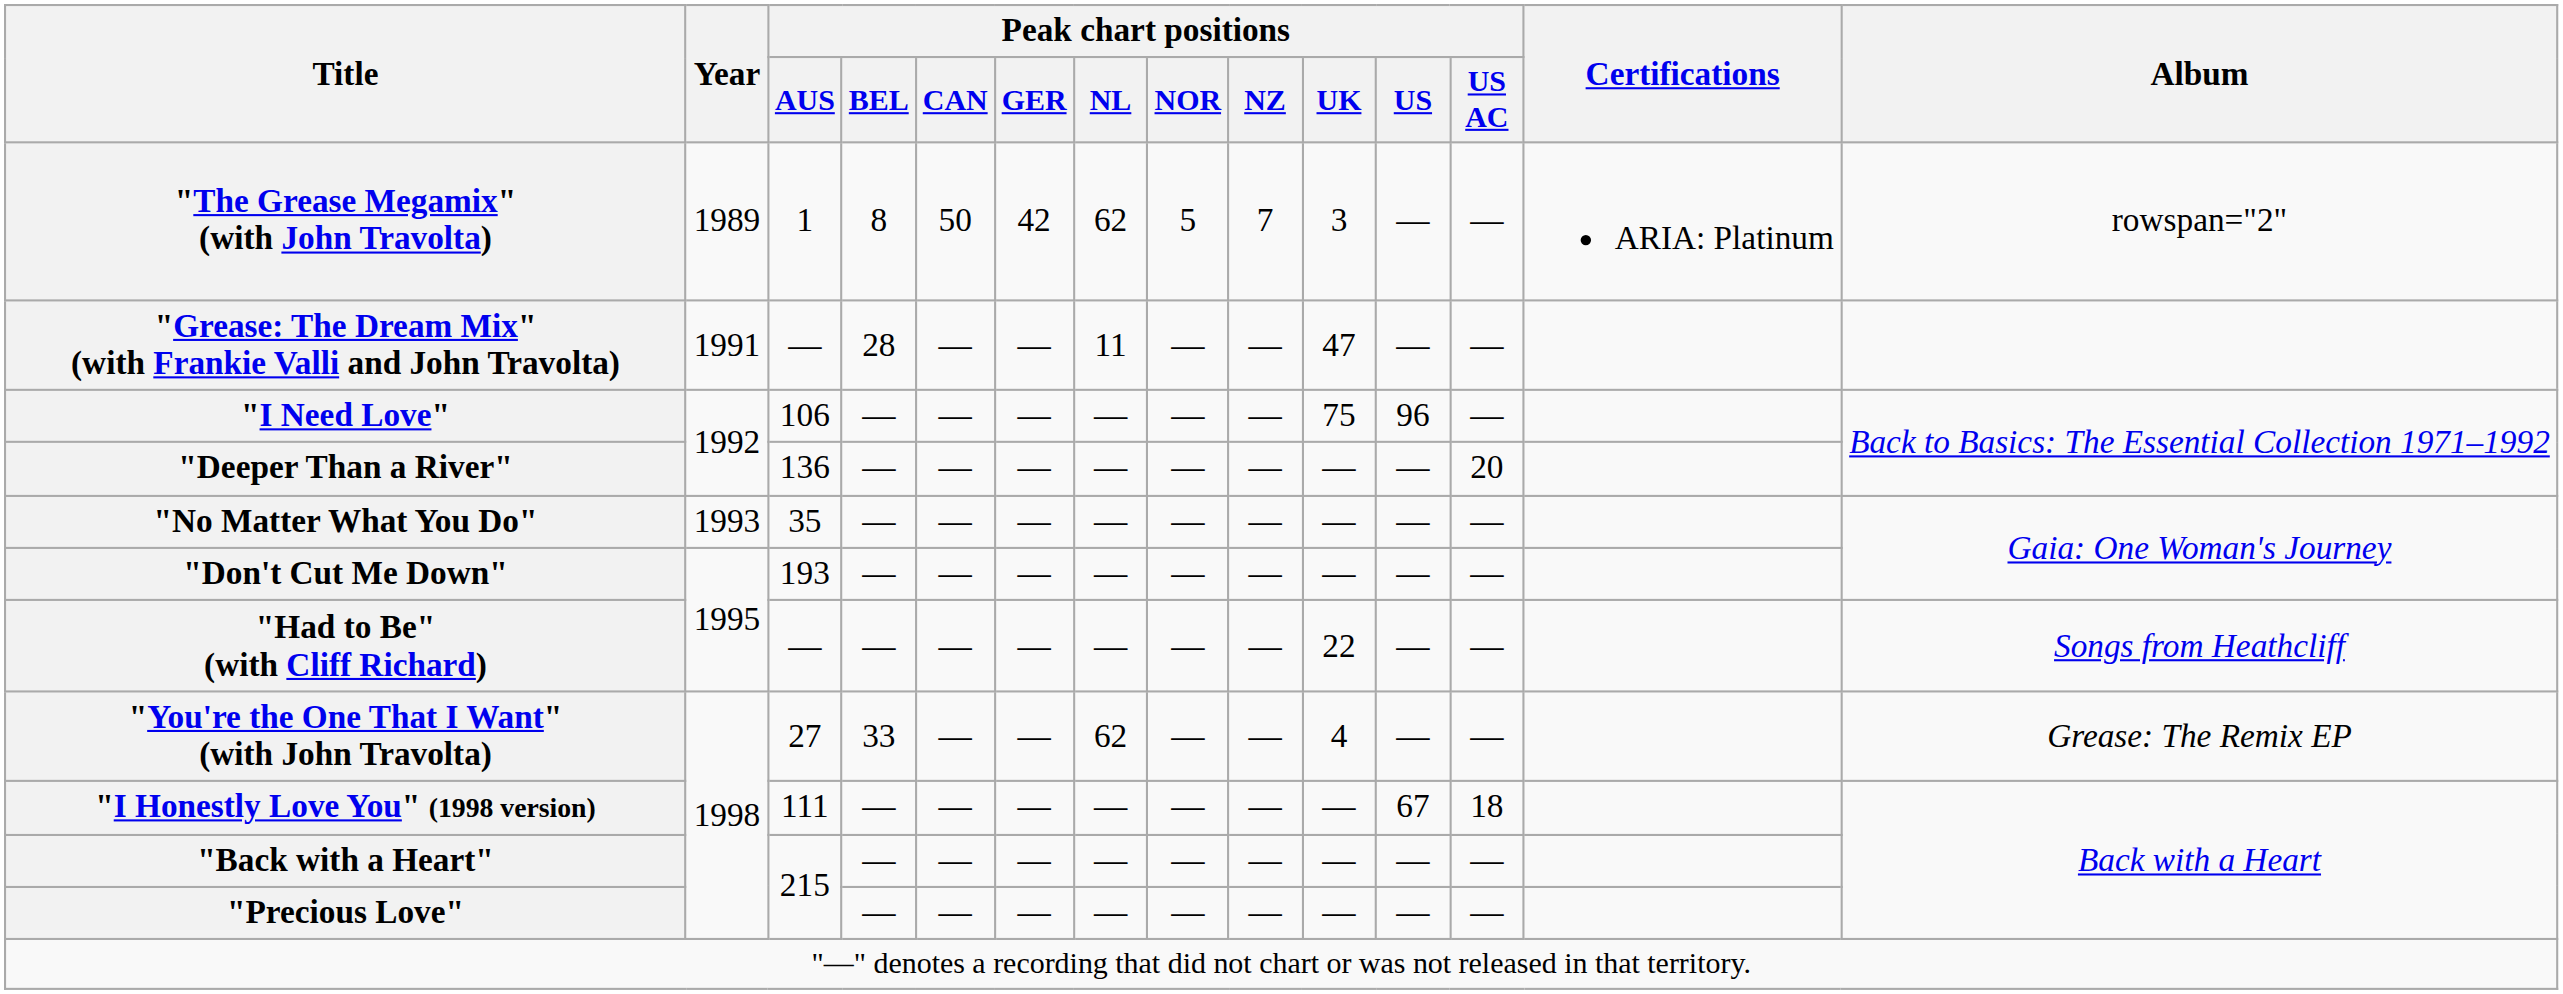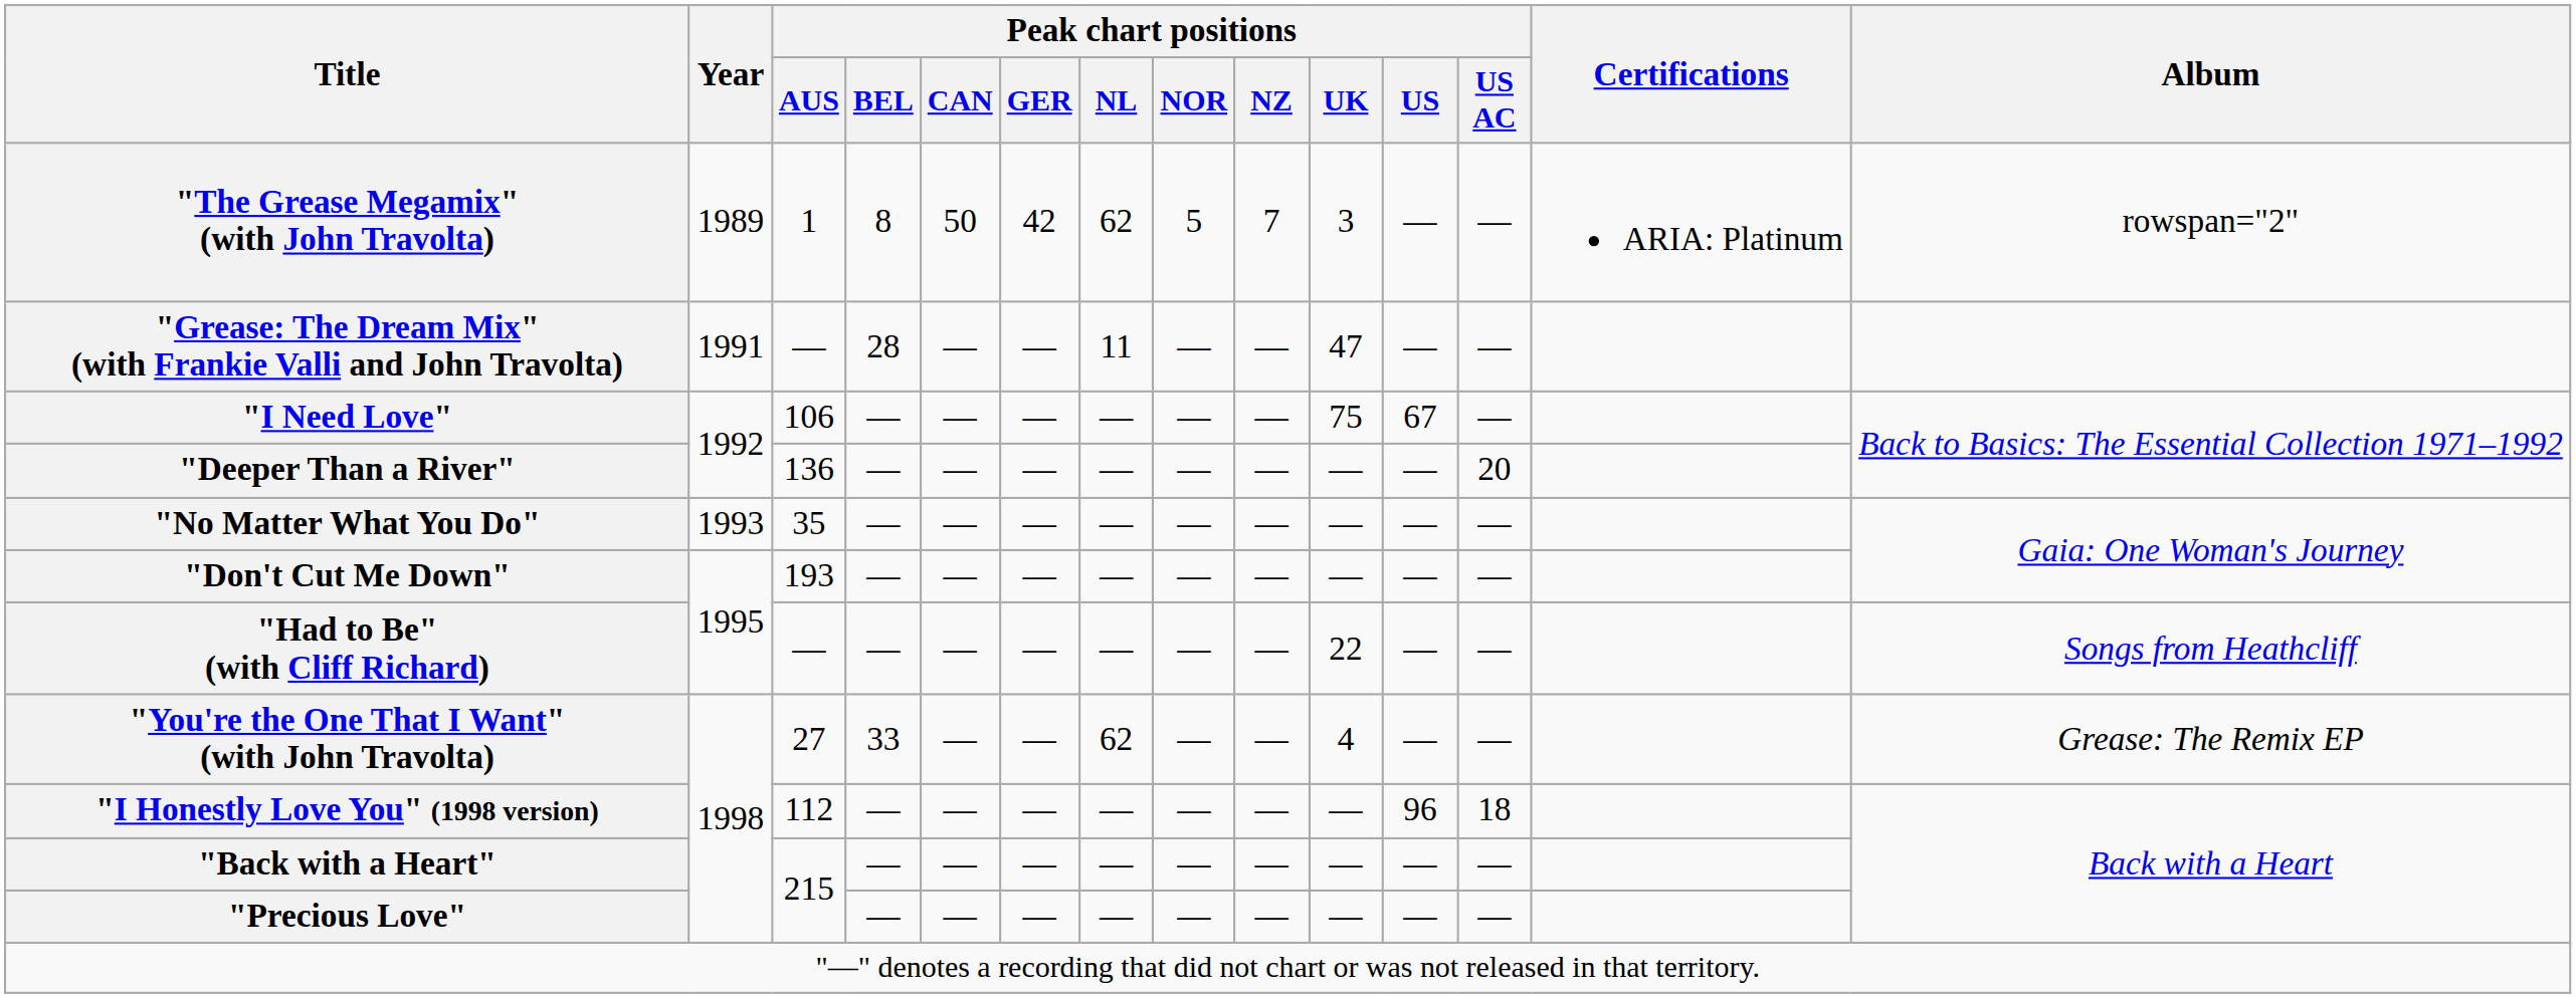 <table class="wikitable plainrowheaders" style="text-align:center;">
 <tr>
 <th scope="col" rowspan="2" style="width:20em;">Title</th>
 <th scope="col" rowspan="2">Year</th>
 <th scope="col" colspan="10">Peak chart positions</th>
 <th scope="col" rowspan="2"><a href='#'>Certifications</a></th>
 <th scope="col" rowspan="2">Album</th>
 </tr>
 <tr>
 <th scope="col" style="width:2em;font-size:90%;"><a href='#'>AUS</a><br></th>
 <th scope="col" style="width:2em;font-size:90%;"><a href='#'>BEL</a><br></th>
 <th scope="col" style="width:2em;font-size:90%;"><a href='#'>CAN</a><br></th>
 <th scope="col" style="width:2em;font-size:90%;"><a href='#'>GER</a><br></th>
 <th scope="col" style="width:2em;font-size:90%;"><a href='#'>NL</a><br></th>
 <th scope="col" style="width:2em;font-size:90%;"><a href='#'>NOR</a><br></th>
 <th scope="col" style="width:2em;font-size:90%;"><a href='#'>NZ</a><br></th>
 <th scope="col" style="width:2em;font-size:90%;"><a href='#'>UK</a><br></th>
 <th scope="col" style="width:2em;font-size:90%;"><a href='#'>US</a><br></th>
 <th scope="col" style="width:2em;font-size:90%;"><a href='#'>US<br>AC</a><br></th>
 </tr>
 <tr>
 <th scope="row">"<a href='#'>The Grease Megamix</a>"<br><span>(with <a href='#'>John Travolta</a>)</span></th>
 <td>1989</td>
 <td>1</td>
 <td>8</td>
 <td>50</td>
 <td>42</td>
 <td>62</td>
 <td>5</td>
 <td>7</td>
 <td>3</td>
 <td>—</td>
 <td>—</td>
 <td><br><ul><li>ARIA: Platinum</li></ul></td>
 <td>rowspan="2" </td>
 </tr>
 <tr>
 <th scope="row">"<a href='#'>Grease: The Dream Mix</a>"<br><span>(with <a href='#'>Frankie Valli</a> and John Travolta)</span></th>
 <td>1991</td>
 <td>—</td>
 <td>28</td>
 <td>—</td>
 <td>—</td>
 <td>11</td>
 <td>—</td>
 <td>—</td>
 <td>47</td>
 <td>—</td>
 <td>—</td>
 <td></td>
 </tr>
 <tr>
 <th scope="row">"<a href='#'>I Need Love</a>"</th>
 <td rowspan="2">1992</td>
 <td>106</td>
 <td>—</td>
 <td>—</td>
 <td>—</td>
 <td>—</td>
 <td>—</td>
 <td>—</td>
 <td>75</td>
-<td>96</td>
+<td>67</td>
 <td>—</td>
 <td></td>
 <td rowspan="2"><em><a href='#'>Back to Basics: The Essential Collection 1971–1992</a></em></td>
 </tr>
 <tr>
 <th scope="row">"Deeper Than a River"</th>
 <td>136</td>
 <td>—</td>
 <td>—</td>
 <td>—</td>
 <td>—</td>
 <td>—</td>
 <td>—</td>
 <td>—</td>
 <td>—</td>
 <td>20</td>
 <td></td>
 </tr>
 <tr>
 <th scope="row">"No Matter What You Do"</th>
 <td>1993</td>
 <td>35</td>
 <td>—</td>
 <td>—</td>
 <td>—</td>
 <td>—</td>
 <td>—</td>
 <td>—</td>
 <td>—</td>
 <td>—</td>
 <td>—</td>
 <td></td>
 <td rowspan="2"><em><a href='#'>Gaia: One Woman's Journey</a></em></td>
 </tr>
 <tr>
 <th scope="row">"Don't Cut Me Down"</th>
 <td rowspan="2">1995</td>
 <td>193</td>
 <td>—</td>
 <td>—</td>
 <td>—</td>
 <td>—</td>
 <td>—</td>
 <td>—</td>
 <td>—</td>
 <td>—</td>
 <td>—</td>
 <td></td>
 </tr>
 <tr>
 <th scope="row">"Had to Be"<br><span>(with <a href='#'>Cliff Richard</a>)</span></th>
 <td>—</td>
 <td>—</td>
 <td>—</td>
 <td>—</td>
 <td>—</td>
 <td>—</td>
 <td>—</td>
 <td>22</td>
 <td>—</td>
 <td>—</td>
 <td></td>
 <td><em><a href='#'>Songs from Heathcliff</a></em></td>
 </tr>
 <tr>
 <th scope="row">"<a href='#'>You're the One That I Want</a>" <br><span>(with John Travolta)</span></th>
 <td rowspan="4">1998</td>
 <td>27</td>
 <td>33</td>
 <td>—</td>
 <td>—</td>
 <td>62</td>
 <td>—</td>
 <td>—</td>
 <td>4</td>
 <td>—</td>
 <td>—</td>
 <td></td>
 <td><em>Grease: The Remix EP</em></td>
 </tr>
 <tr>
 <th scope="row">"<a href='#'>I Honestly Love You</a>" <small>(1998 version)</small></th>
-<td>111</td>
+<td>112</td>
 <td>—</td>
 <td>—</td>
 <td>—</td>
 <td>—</td>
 <td>—</td>
 <td>—</td>
 <td>—</td>
-<td>67</td>
+<td>96</td>
 <td>18</td>
 <td></td>
 <td rowspan="3"><em><a href='#'>Back with a Heart</a></em></td>
 </tr>
 <tr>
 <th scope="row">"Back with a Heart"</th>
 <td rowspan=2>215</td>
 <td>—</td>
 <td>—</td>
 <td>—</td>
 <td>—</td>
 <td>—</td>
 <td>—</td>
 <td>—</td>
 <td>—</td>
 <td>—</td>
 <td></td>
 </tr>
 <tr>
 <th scope="row">"Precious Love"</th>
 <td>—</td>
 <td>—</td>
 <td>—</td>
 <td>—</td>
 <td>—</td>
 <td>—</td>
 <td>—</td>
 <td>—</td>
 <td>—</td>
 <td></td>
 </tr>
 <tr>
 <td colspan="15" style="font-size:90%">"—" denotes a recording that did not chart or was not released in that territory.</td>
 </tr>
 </table>
